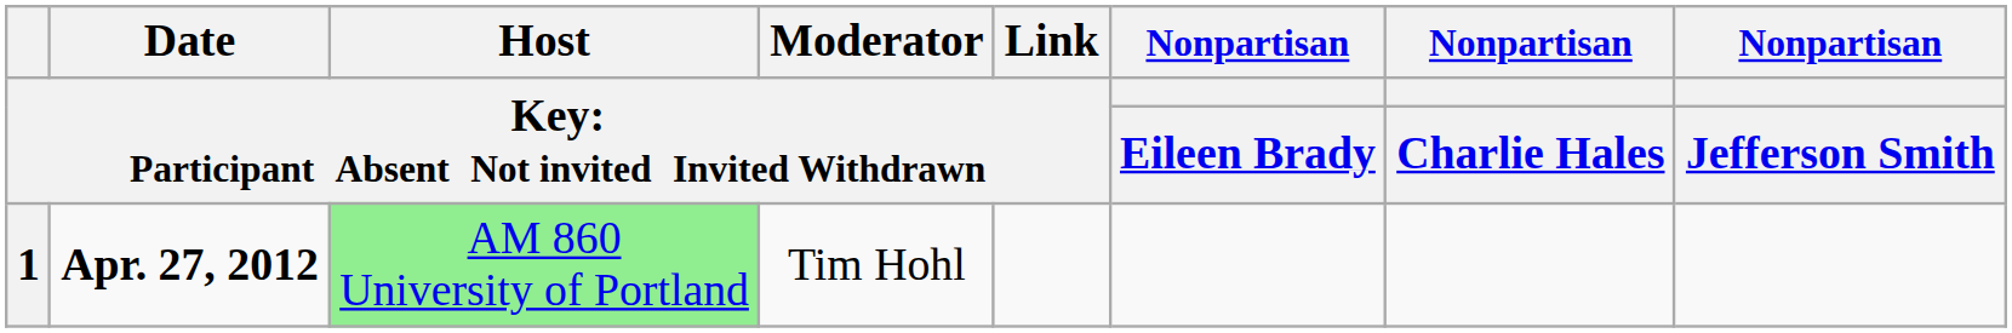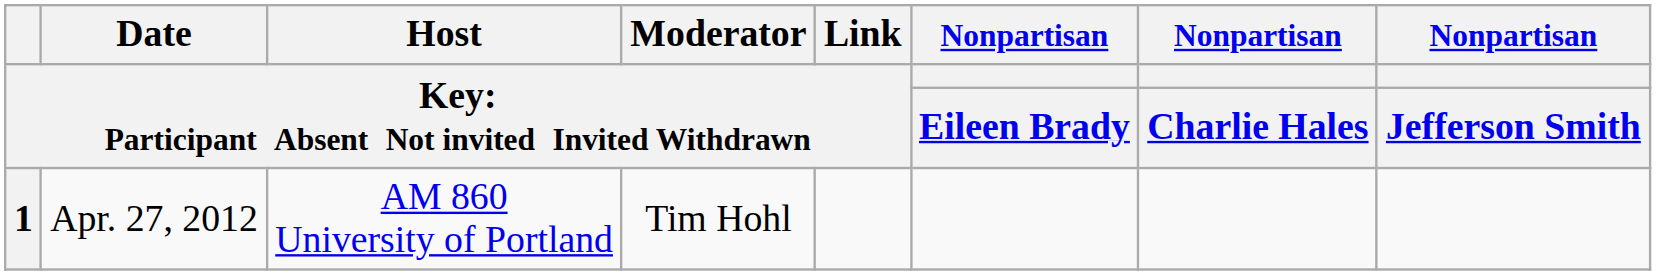 <table class="wikitable" style="text-align:center;">
 <tr>
 <th scope="col"></th>
 <th scope="col">Date</th>
 <th scope="col">Host</th>
 <th scope="col">Moderator</th>
 <th scope="col">Link</th>
 <th scope="col"><small><a href='#'>Nonpartisan</a></small></th>
 <th scope="col"><small><a href='#'>Nonpartisan</a></small></th>
 <th scope="col"><small><a href='#'>Nonpartisan</a></small></th>
 </tr>
 <tr>
 <th colspan="5" rowspan="2">Key:<br> <small>Participant </small>  <small>Absent </small>  <small>Not invited </small>  <small>Invited  Withdrawn</small></th>
 <th scope="col" style="background:"></th>
 <th scope="col" style="background:"></th>
 <th scope="col" style="background:"></th>
 </tr>
 <tr>
 <th scope="col"><a href='#'>Eileen Brady</a></th>
 <th scope="col"><a href='#'>Charlie Hales</a></th>
 <th scope="col"><a href='#'>Jefferson Smith</a></th>
 </tr>
 <tr>
 <th>1</th>
-<td style="white-space:nowrap;"><strong>Apr. 27, 2012</strong></td>
-<td style="background: lightgreen; white-space:nowrap;"><a href='#'>AM 860</a><br><a href='#'>University of Portland</a></td>
+<td style="white-space:nowrap;">Apr. 27, 2012</td>
+<td style="white-space:nowrap;"><a href='#'>AM 860</a><br><a href='#'>University of Portland</a></td>
 <td style="white-space:nowrap;">Tim Hohl</td>
 <td style="white-space:nowrap;"></td>
 <td></td>
 <td></td>
 <td></td>
 </tr>
 </table>
